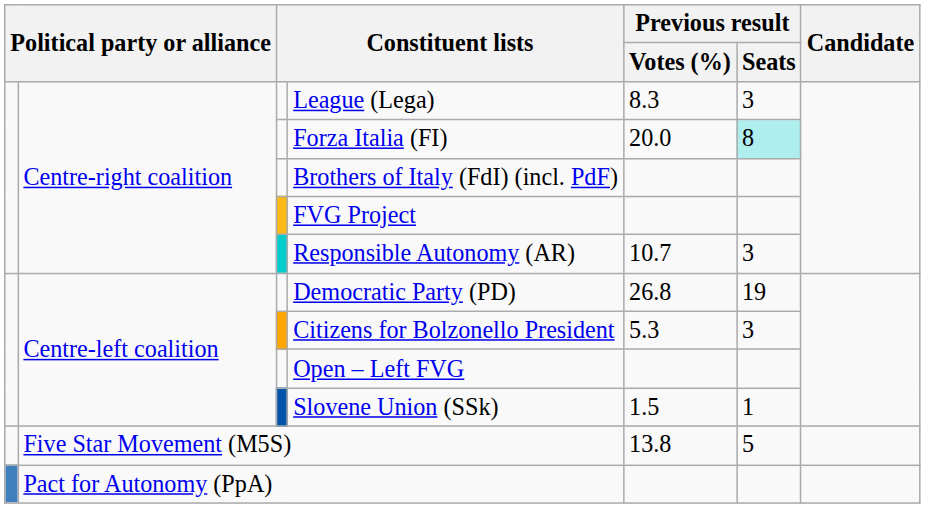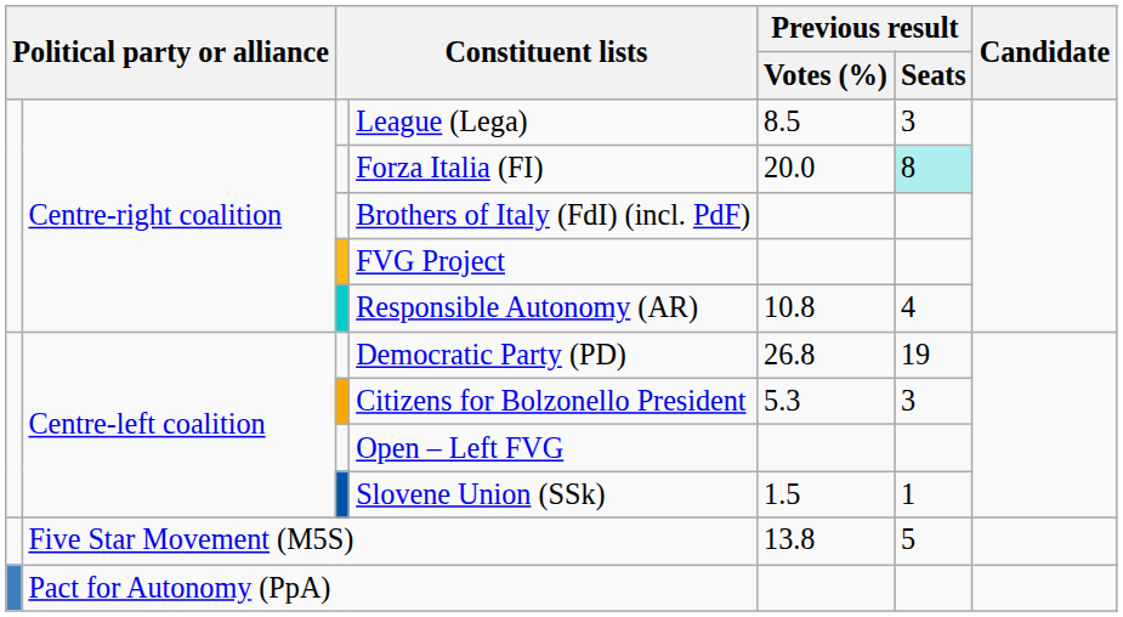 <table class="wikitable" style="text-align:left">
 <tr>
 <th colspan=2 rowspan="2">Political party or alliance</th>
 <th colspan=2 rowspan="2">Constituent lists</th>
 <th colspan="2">Previous result</th>
 <th colspan="2" rowspan="2">Candidate</th>
 </tr>
 <tr>
 <th>Votes (%)</th>
 <th>Seats</th>
 </tr>
 <tr>
 <td rowspan="5" style="background:"></td>
 <td rowspan=5><a href='#'>Centre-right coalition</a></td>
 <td></td>
 <td style="text-align:left;"><a href='#'>League</a> (Lega)</td>
-<td>8.3</td>
+<td>8.5</td>
 <td>3</td>
 <td rowspan="5"></td>
 </tr>
 <tr>
 <td></td>
 <td style="text-align:left;"><a href='#'>Forza Italia</a> (FI)</td>
 <td>20.0</td>
 <td style="background: paleturquoise;">8</td>
 </tr>
 <tr>
 <td></td>
 <td style="text-align:left;"><a href='#'>Brothers of Italy</a> (FdI) (incl. <a href='#'>PdF</a>)</td>
 <td></td>
 <td></td>
 </tr>
 <tr>
 <td bgcolor="#FBB917"></td>
 <td style="text-align:left;"><a href='#'>FVG Project</a></td>
 <td></td>
 <td></td>
 </tr>
 <tr>
 <td bgcolor="#00CCCC"></td>
 <td style="text-align:left;"><a href='#'>Responsible Autonomy</a> (AR)</td>
-<td>10.7</td>
-<td>3</td>
+<td>10.8</td>
+<td>4</td>
 </tr>
 <tr>
 <td rowspan="4"></td>
 <td rowspan=4><a href='#'>Centre-left coalition</a></td>
 <td></td>
 <td style="text-align:left;"><a href='#'>Democratic Party</a> (PD)</td>
 <td>26.8</td>
 <td>19</td>
 <td rowspan="4"></td>
 </tr>
 <tr>
 <td bgcolor="orange"></td>
 <td style="text-align:left;"><a href='#'>Citizens for Bolzonello President</a></td>
 <td>5.3</td>
 <td>3</td>
 </tr>
 <tr>
 <td style="background-color:"></td>
 <td><a href='#'>Open – Left FVG</a></td>
 <td></td>
 <td></td>
 </tr>
 <tr>
 <td bgcolor="#0055AB"></td>
 <td style="text-align:left;"><a href='#'>Slovene Union</a> (SSk)</td>
 <td>1.5</td>
 <td>1</td>
 </tr>
 <tr>
 <td style="background-color:"></td>
 <td colspan="3"><a href='#'>Five Star Movement</a> (M5S)</td>
 <td>13.8</td>
 <td>5</td>
 <td></td>
 </tr>
 <tr>
 <td style="background-color:#3E80BD"></td>
 <td colspan="3"><a href='#'>Pact for Autonomy</a> (PpA)</td>
 <td></td>
 <td></td>
 <td></td>
 </tr>
 </table>
